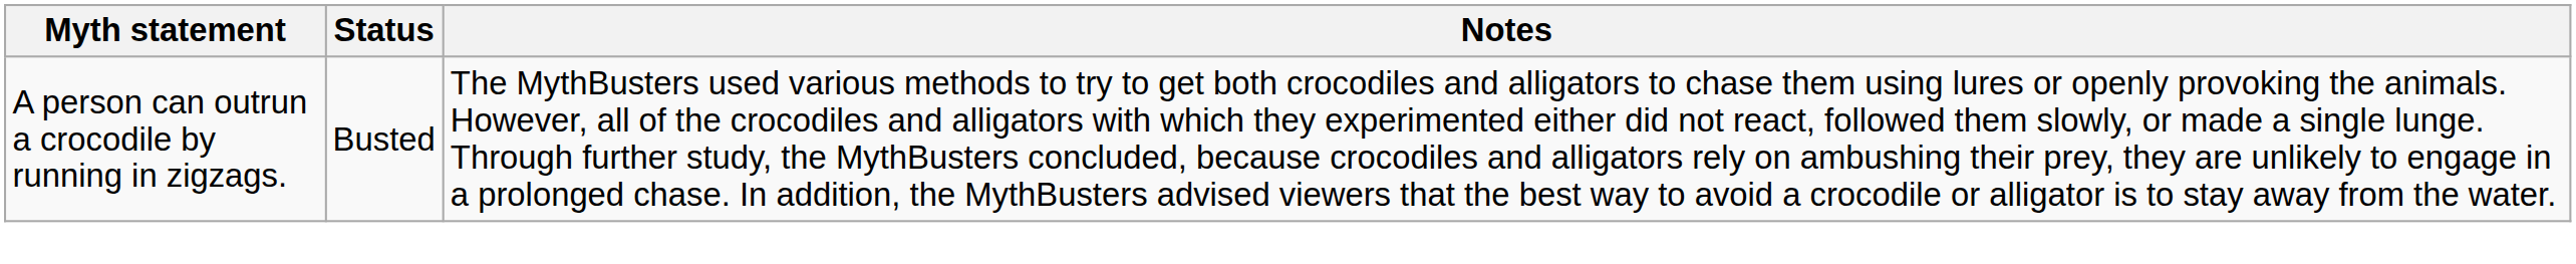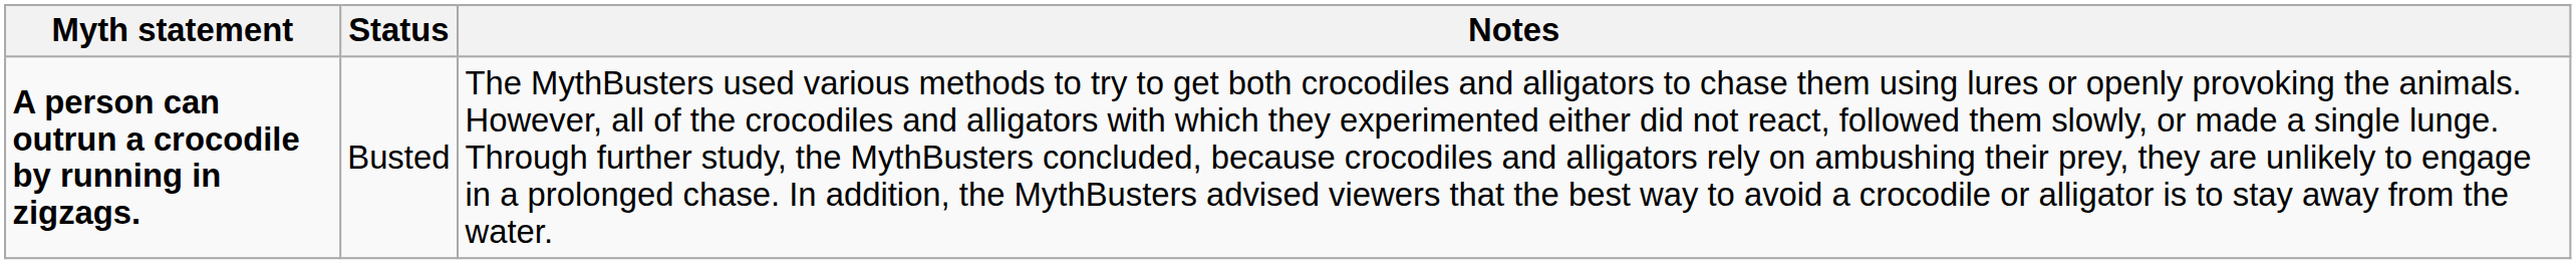 <table class="wikitable plainrowheaders">
 <tr>
 <th>Myth statement</th>
 <th>Status</th>
 <th>Notes</th>
 </tr>
 <tr>
-<td>A person can outrun a crocodile by running in zigzags.</td>
+<td><strong>A person can outrun a crocodile by running in zigzags.</strong></td>
 <td><span>Busted</span></td>
 <td>The MythBusters used various methods to try to get both crocodiles and alligators to chase them using lures or openly provoking the animals. However, all of the crocodiles and alligators with which they experimented either did not react, followed them slowly, or made a single lunge. Through further study, the MythBusters concluded, because crocodiles and alligators rely on ambushing their prey, they are unlikely to engage in a prolonged chase. In addition, the MythBusters advised viewers that the best way to avoid a crocodile or alligator is to stay away from the water.</td>
 </tr>
 </table>
